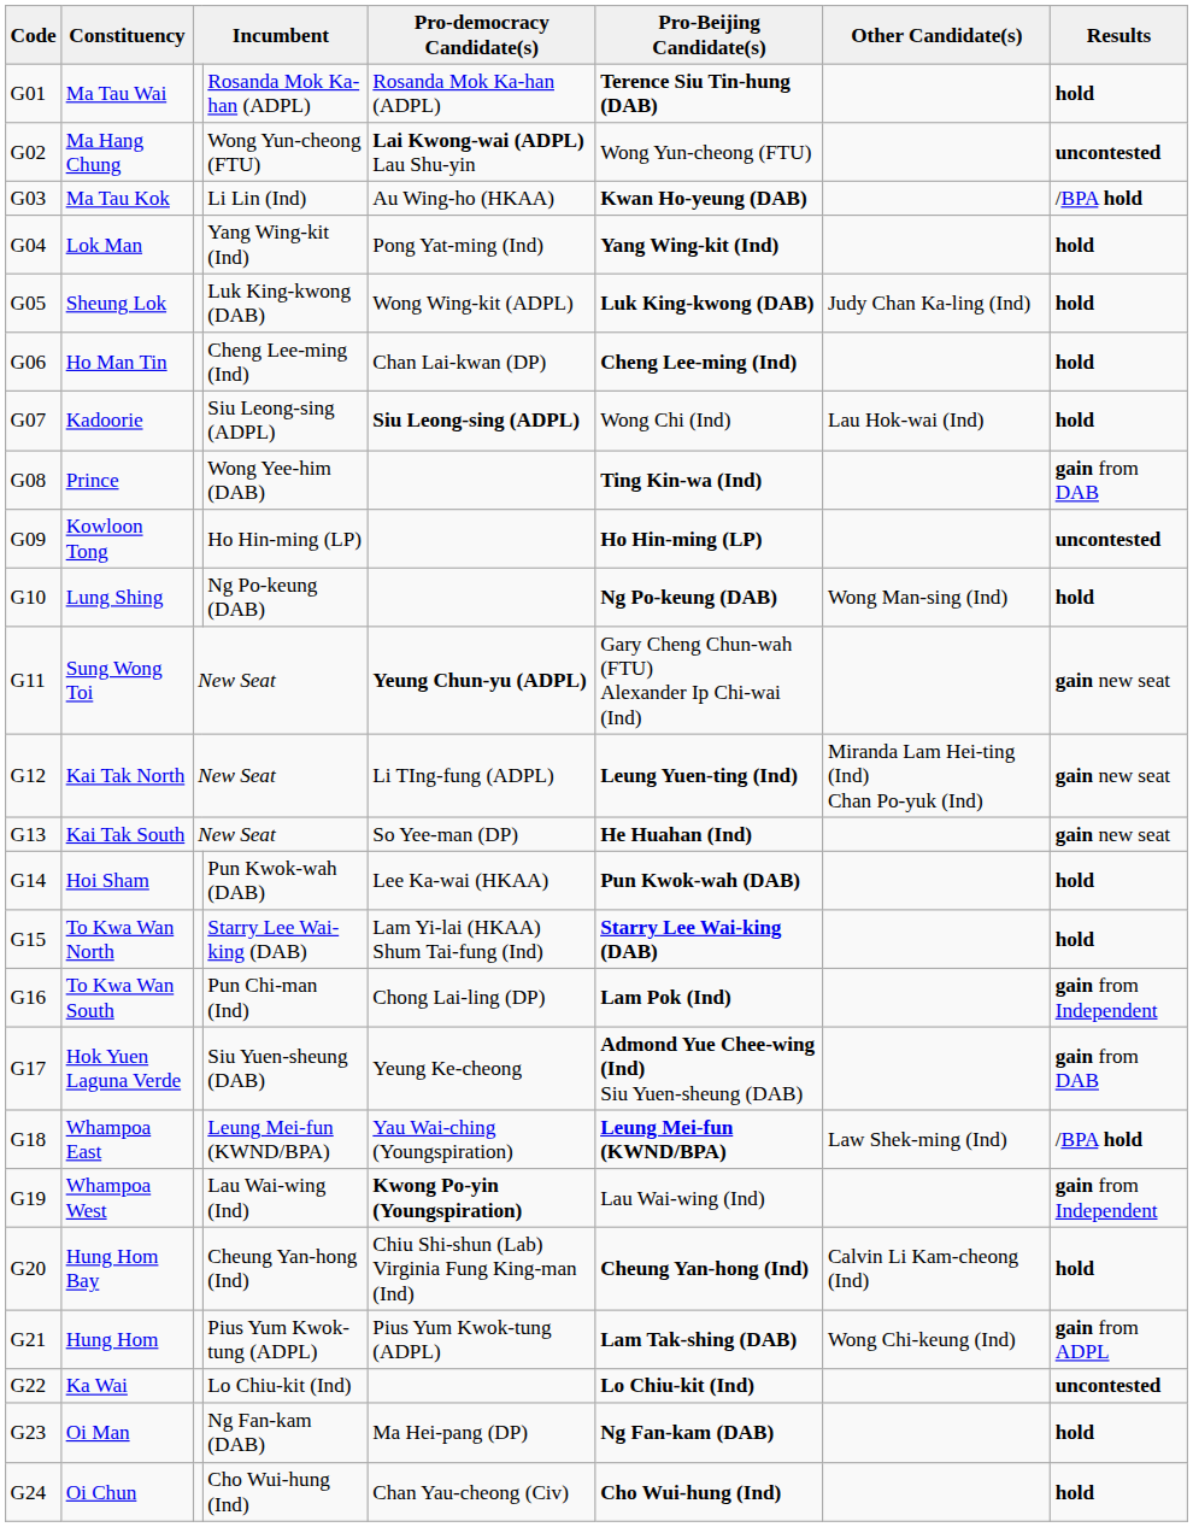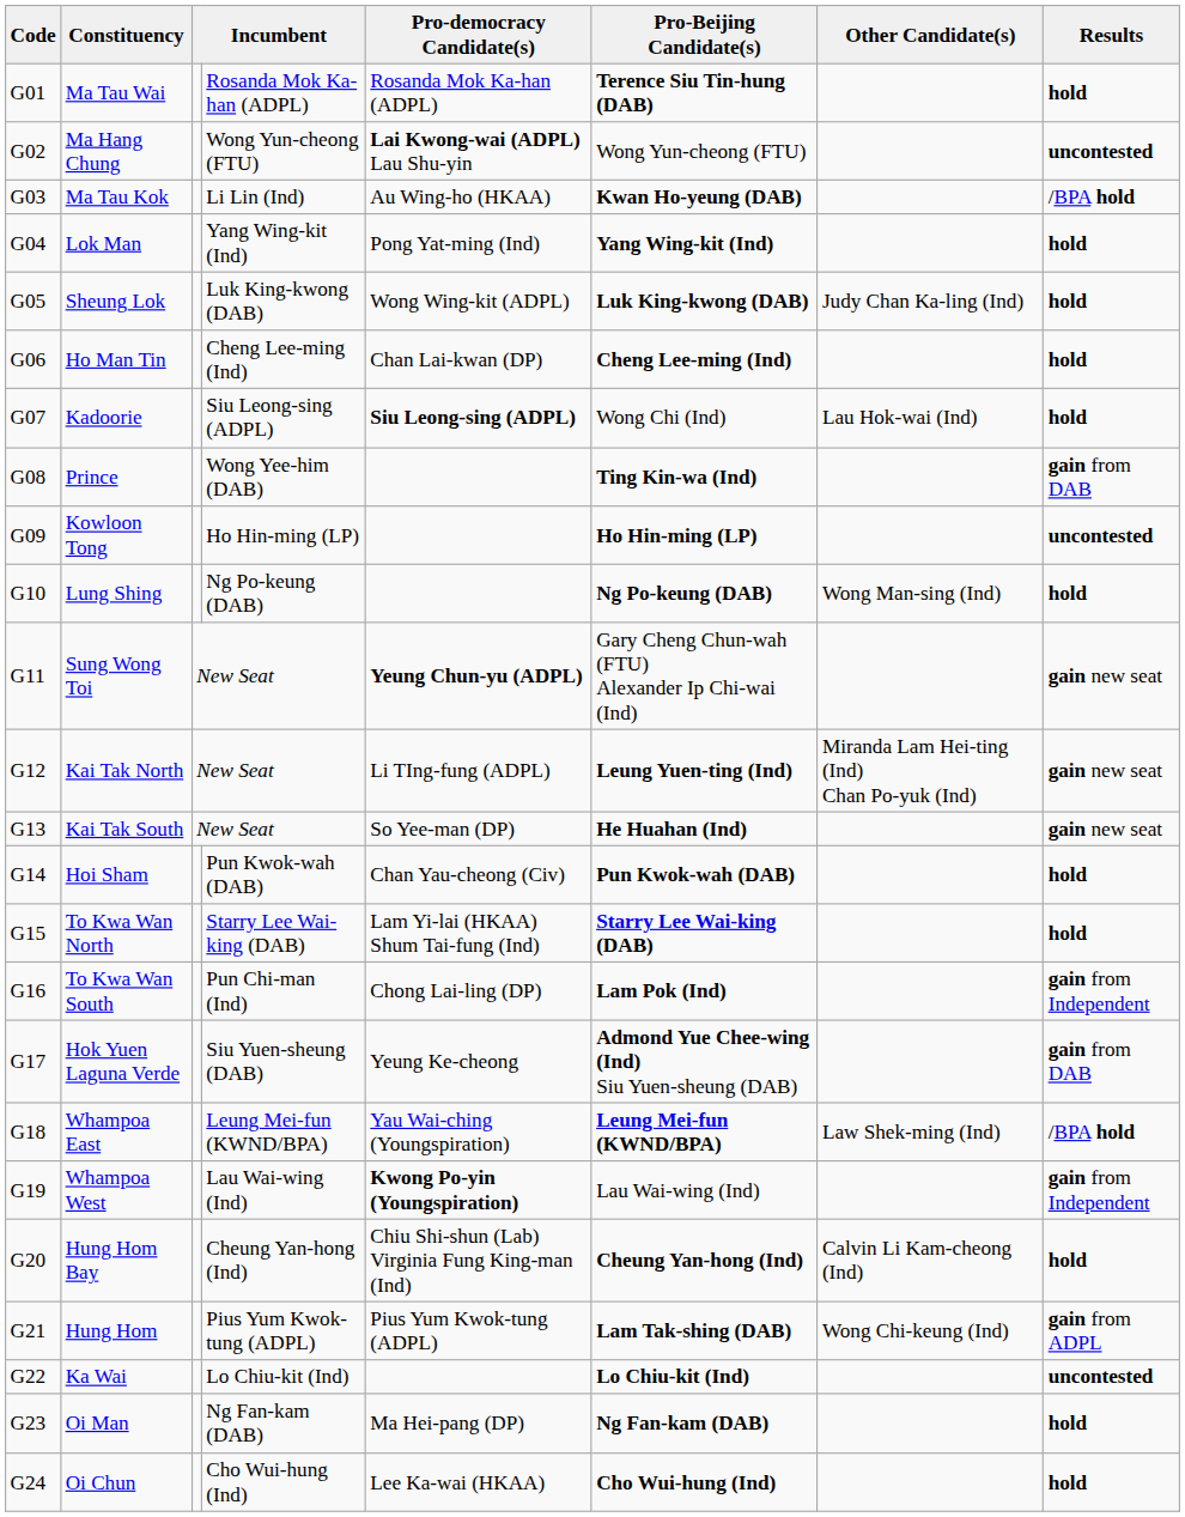 <table class="wikitable sortable" style="font-size: 95%;">
 <tr>
 <th align="center" style="background:#f0f0f0;" width="20px"><strong>Code</strong></th>
 <th align="center" style="background:#f0f0f0;" width="90px"><strong>Constituency</strong></th>
 <th align="center" style="background:#f0f0f0;" width="120px" colspan="2"><strong>Incumbent</strong></th>
 <th align="center" style="background:#f0f0f0;" width="160px"><strong>Pro-democracy Candidate(s)</strong></th>
 <th align="center" style="background:#f0f0f0;" width="160px"><strong>Pro-Beijing Candidate(s)</strong></th>
 <th align="center" style="background:#f0f0f0;" width="160px"><strong>Other Candidate(s)</strong></th>
 <th align="center" style="background:#f0f0f0;" width="100px" colspan="2"><strong>Results</strong></th>
 </tr>
 <tr>
 <td>G01</td>
 <td><a href='#'>Ma Tau Wai</a></td>
 <td></td>
 <td><a href='#'>Rosanda Mok Ka-han</a> (ADPL)</td>
 <td><a href='#'>Rosanda Mok Ka-han</a> (ADPL)</td>
 <td><strong>Terence Siu Tin-hung (DAB)</strong></td>
 <td></td>
 <td> <strong>hold</strong></td>
 </tr>
 <tr>
 <td>G02</td>
 <td><a href='#'>Ma Hang Chung</a></td>
 <td></td>
 <td>Wong Yun-cheong (FTU)</td>
 <td><strong>Lai Kwong-wai (ADPL)</strong><br>Lau Shu-yin</td>
 <td>Wong Yun-cheong (FTU)</td>
 <td></td>
 <td> <strong>uncontested</strong></td>
 </tr>
 <tr>
 <td>G03</td>
 <td><a href='#'>Ma Tau Kok</a></td>
 <td></td>
 <td>Li Lin (Ind)</td>
 <td>Au Wing-ho (HKAA)</td>
 <td><strong>Kwan Ho-yeung (DAB)</strong></td>
 <td></td>
 <td>/<a href='#'>BPA</a> <strong>hold</strong></td>
 </tr>
 <tr>
 <td>G04</td>
 <td><a href='#'>Lok Man</a></td>
 <td></td>
 <td>Yang Wing-kit (Ind)</td>
 <td>Pong Yat-ming (Ind)</td>
 <td><strong>Yang Wing-kit (Ind)</strong></td>
 <td></td>
 <td> <strong>hold</strong></td>
 </tr>
 <tr>
 <td>G05</td>
 <td><a href='#'>Sheung Lok</a></td>
 <td></td>
 <td>Luk King-kwong (DAB)</td>
 <td>Wong Wing-kit (ADPL)</td>
 <td><strong>Luk King-kwong (DAB)</strong></td>
 <td>Judy Chan Ka-ling (Ind)</td>
 <td> <strong>hold</strong></td>
 </tr>
 <tr>
 <td>G06</td>
 <td><a href='#'>Ho Man Tin</a></td>
 <td></td>
 <td>Cheng Lee-ming (Ind)</td>
 <td>Chan Lai-kwan (DP)</td>
 <td><strong>Cheng Lee-ming (Ind)</strong></td>
 <td></td>
 <td> <strong>hold</strong></td>
 </tr>
 <tr>
 <td>G07</td>
 <td><a href='#'>Kadoorie</a></td>
 <td></td>
 <td>Siu Leong-sing (ADPL)</td>
 <td><strong>Siu Leong-sing (ADPL)</strong></td>
 <td>Wong Chi (Ind)</td>
 <td>Lau Hok-wai (Ind)</td>
 <td> <strong>hold</strong></td>
 </tr>
 <tr>
 <td>G08</td>
 <td><a href='#'>Prince</a></td>
 <td></td>
 <td>Wong Yee-him (DAB)</td>
 <td></td>
 <td><strong>Ting Kin-wa (Ind)</strong></td>
 <td></td>
 <td> <strong>gain</strong> from <a href='#'>DAB</a></td>
 </tr>
 <tr>
 <td>G09</td>
 <td><a href='#'>Kowloon Tong</a></td>
 <td></td>
 <td>Ho Hin-ming (LP)</td>
 <td></td>
 <td><strong>Ho Hin-ming (LP)</strong></td>
 <td></td>
 <td> <strong>uncontested</strong></td>
 </tr>
 <tr>
 <td>G10</td>
 <td><a href='#'>Lung Shing</a></td>
 <td></td>
 <td>Ng Po-keung (DAB)</td>
 <td></td>
 <td><strong>Ng Po-keung (DAB)</strong></td>
 <td>Wong Man-sing (Ind)</td>
 <td> <strong>hold</strong></td>
 </tr>
 <tr>
 <td>G11</td>
 <td><a href='#'>Sung Wong Toi</a></td>
 <td colspan=2><em>New Seat</em></td>
 <td><strong>Yeung Chun-yu (ADPL)</strong></td>
 <td>Gary Cheng Chun-wah (FTU)<br>Alexander Ip Chi-wai (Ind)</td>
 <td></td>
 <td> <strong>gain</strong> new seat</td>
 </tr>
 <tr>
 <td>G12</td>
 <td><a href='#'>Kai Tak North</a></td>
 <td colspan=2><em>New Seat</em></td>
 <td>Li TIng-fung (ADPL)</td>
 <td><strong>Leung Yuen-ting (Ind)</strong></td>
 <td>Miranda Lam Hei-ting (Ind)<br>Chan Po-yuk (Ind)</td>
 <td> <strong>gain</strong> new seat</td>
 </tr>
 <tr>
 <td>G13</td>
 <td><a href='#'>Kai Tak South</a></td>
 <td colspan=2><em>New Seat</em></td>
 <td>So Yee-man (DP)</td>
 <td><strong>He Huahan (Ind)</strong></td>
 <td></td>
 <td> <strong>gain</strong> new seat</td>
 </tr>
 <tr>
 <td>G14</td>
 <td><a href='#'>Hoi Sham</a></td>
 <td></td>
 <td>Pun Kwok-wah (DAB)</td>
-<td>Lee Ka-wai (HKAA)</td>
+<td>Chan Yau-cheong (Civ)</td>
 <td><strong>Pun Kwok-wah (DAB)</strong></td>
 <td></td>
 <td> <strong>hold</strong></td>
 </tr>
 <tr>
 <td>G15</td>
 <td><a href='#'>To Kwa Wan North</a></td>
 <td></td>
 <td><a href='#'>Starry Lee Wai-king</a> (DAB)</td>
 <td>Lam Yi-lai (HKAA)<br>Shum Tai-fung (Ind)</td>
 <td><strong><a href='#'>Starry Lee Wai-king</a> (DAB)</strong></td>
 <td></td>
 <td> <strong>hold</strong></td>
 </tr>
 <tr>
 <td>G16</td>
 <td><a href='#'>To Kwa Wan South</a></td>
 <td></td>
 <td>Pun Chi-man (Ind)</td>
 <td>Chong Lai-ling (DP)</td>
 <td><strong>Lam Pok (Ind)</strong></td>
 <td></td>
 <td> <strong>gain</strong> from <a href='#'>Independent</a></td>
 </tr>
 <tr>
 <td>G17</td>
 <td><a href='#'>Hok Yuen Laguna Verde</a></td>
 <td></td>
 <td>Siu Yuen-sheung (DAB)</td>
 <td>Yeung Ke-cheong</td>
 <td><strong>Admond Yue Chee-wing (Ind)</strong><br>Siu Yuen-sheung (DAB)</td>
 <td></td>
 <td> <strong>gain</strong> from <a href='#'>DAB</a></td>
 </tr>
 <tr>
 <td>G18</td>
 <td><a href='#'>Whampoa East</a></td>
 <td></td>
 <td><a href='#'>Leung Mei-fun</a> (KWND/BPA)</td>
 <td><a href='#'>Yau Wai-ching</a> (Youngspiration)</td>
 <td><strong><a href='#'>Leung Mei-fun</a> (KWND/BPA)</strong></td>
 <td>Law Shek-ming (Ind)</td>
 <td>/<a href='#'>BPA</a> <strong>hold</strong></td>
 </tr>
 <tr>
 <td>G19</td>
 <td><a href='#'>Whampoa West</a></td>
 <td></td>
 <td>Lau Wai-wing (Ind)</td>
 <td><strong>Kwong Po-yin (Youngspiration)</strong></td>
 <td>Lau Wai-wing (Ind)</td>
 <td></td>
 <td> <strong>gain</strong> from <a href='#'>Independent</a></td>
 </tr>
 <tr>
 <td>G20</td>
 <td><a href='#'>Hung Hom Bay</a></td>
 <td></td>
 <td>Cheung Yan-hong (Ind)</td>
 <td>Chiu Shi-shun (Lab)<br>Virginia Fung King-man (Ind)</td>
 <td><strong>Cheung Yan-hong (Ind)</strong></td>
 <td>Calvin Li Kam-cheong (Ind)</td>
 <td> <strong>hold</strong></td>
 </tr>
 <tr>
 <td>G21</td>
 <td><a href='#'>Hung Hom</a></td>
 <td></td>
 <td>Pius Yum Kwok-tung (ADPL)</td>
 <td>Pius Yum Kwok-tung (ADPL)</td>
 <td><strong>Lam Tak-shing (DAB)</strong></td>
 <td>Wong Chi-keung (Ind)</td>
 <td> <strong>gain</strong> from <a href='#'>ADPL</a></td>
 </tr>
 <tr>
 <td>G22</td>
 <td><a href='#'>Ka Wai</a></td>
 <td></td>
 <td>Lo Chiu-kit (Ind)</td>
 <td></td>
 <td><strong>Lo Chiu-kit (Ind)</strong></td>
 <td></td>
 <td> <strong>uncontested</strong></td>
 </tr>
 <tr>
 <td>G23</td>
 <td><a href='#'>Oi Man</a></td>
 <td></td>
 <td>Ng Fan-kam (DAB)</td>
 <td>Ma Hei-pang (DP)</td>
 <td><strong>Ng Fan-kam (DAB)</strong></td>
 <td></td>
 <td> <strong>hold</strong></td>
 </tr>
 <tr>
 <td>G24</td>
 <td><a href='#'>Oi Chun</a></td>
 <td></td>
 <td>Cho Wui-hung (Ind)</td>
-<td>Chan Yau-cheong (Civ)</td>
+<td>Lee Ka-wai (HKAA)</td>
 <td><strong>Cho Wui-hung (Ind)</strong></td>
 <td></td>
 <td> <strong>hold</strong></td>
 </tr>
 </table>
